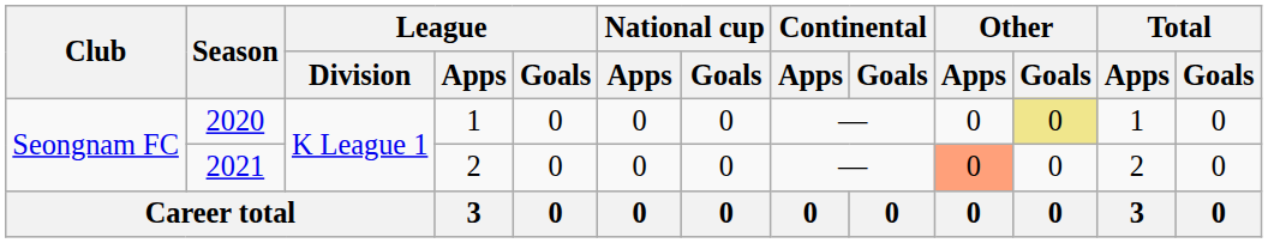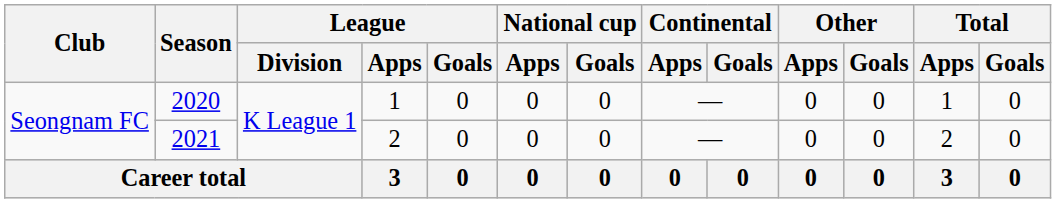 <table class="wikitable" style="text-align: center">
 <tr>
 <th rowspan="2">Club</th>
 <th rowspan="2">Season</th>
 <th colspan="3">League</th>
 <th colspan="2">National cup</th>
 <th colspan="2">Continental</th>
 <th colspan="2">Other</th>
 <th colspan="2">Total</th>
 </tr>
 <tr>
 <th>Division</th>
 <th>Apps</th>
 <th>Goals</th>
 <th>Apps</th>
 <th>Goals</th>
 <th>Apps</th>
 <th>Goals</th>
 <th>Apps</th>
 <th>Goals</th>
 <th>Apps</th>
 <th>Goals</th>
 </tr>
 <tr>
 <td rowspan="2"><a href='#'>Seongnam FC</a></td>
 <td><a href='#'>2020</a></td>
 <td rowspan="2"><a href='#'>K League 1</a></td>
 <td>1</td>
 <td>0</td>
 <td>0</td>
 <td>0</td>
 <td colspan="2">—</td>
 <td>0</td>
-<td style="background: khaki;">0</td>
+<td>0</td>
 <td>1</td>
 <td>0</td>
 </tr>
 <tr>
 <td><a href='#'>2021</a></td>
 <td>2</td>
 <td>0</td>
 <td>0</td>
 <td>0</td>
 <td colspan="2">—</td>
-<td style="background: lightsalmon;">0</td>
+<td>0</td>
 <td>0</td>
 <td>2</td>
 <td>0</td>
 </tr>
 <tr>
 <th colspan=3>Career total</th>
 <th>3</th>
 <th>0</th>
 <th>0</th>
 <th>0</th>
 <th>0</th>
 <th>0</th>
 <th>0</th>
 <th>0</th>
 <th>3</th>
 <th>0</th>
 </tr>
 </table>
